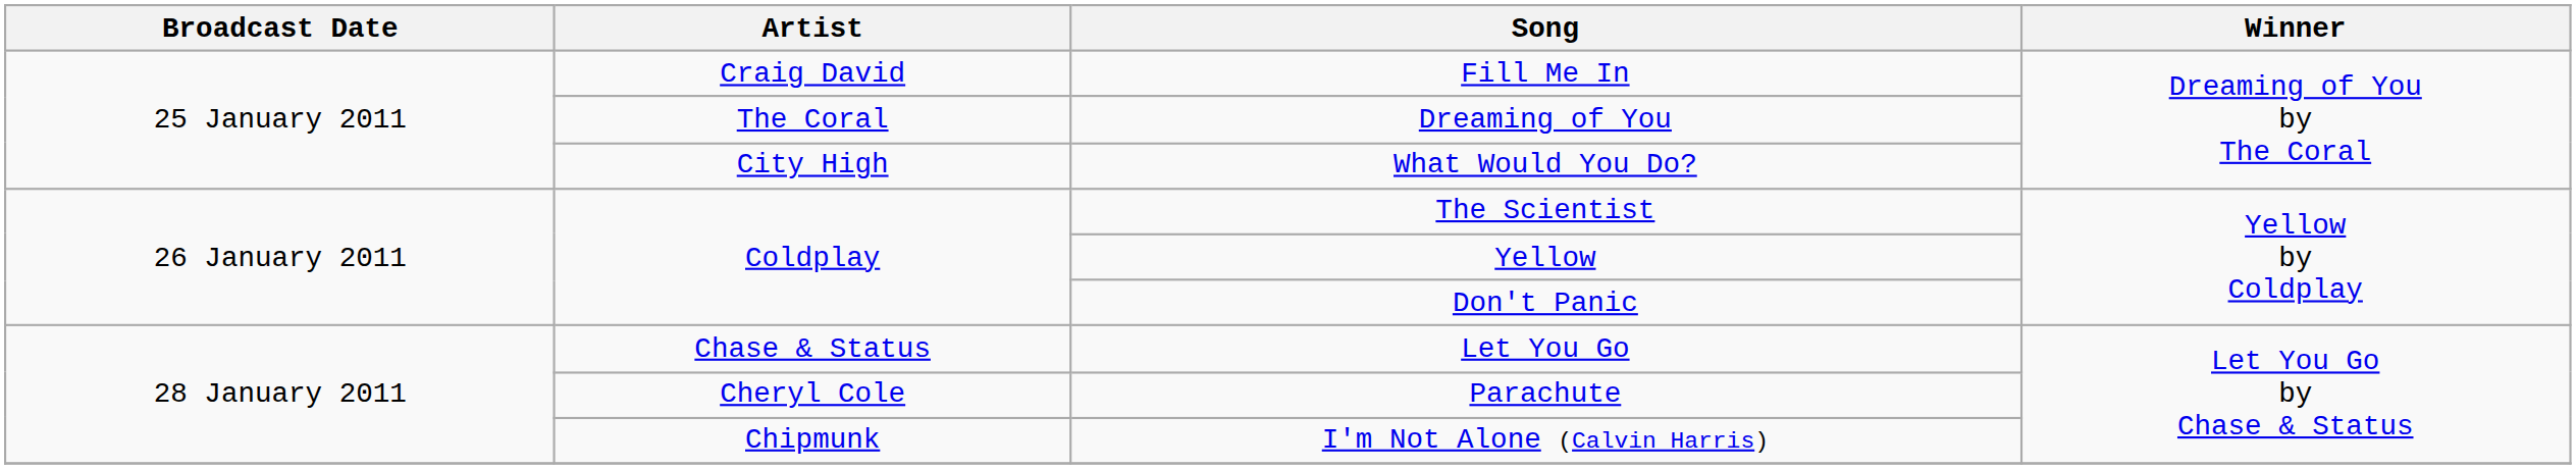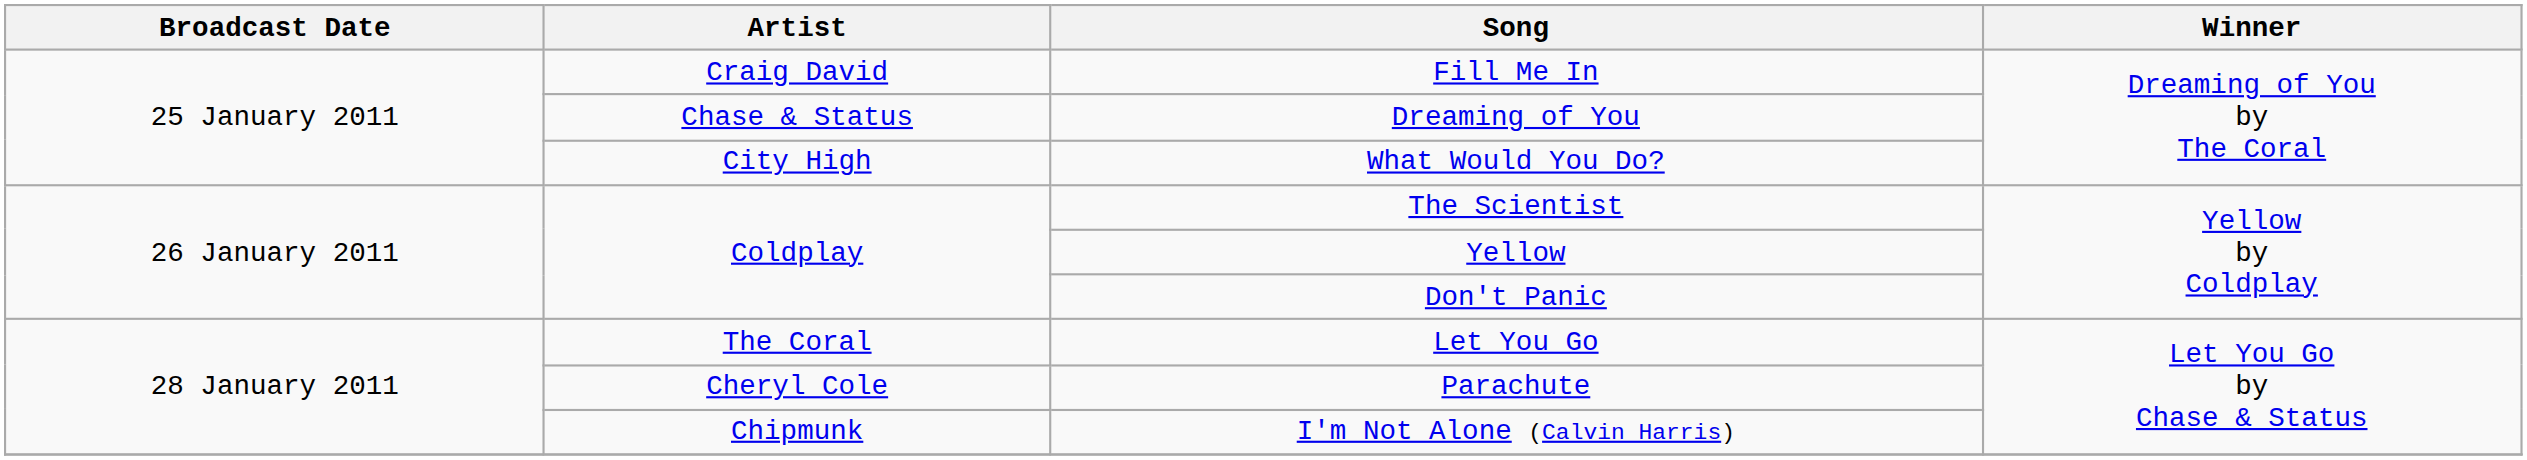 <table class="wikitable" style="text-align:center" width=75%>
 <tr>
 <th>Broadcast Date</th>
 <th>Artist</th>
 <th>Song</th>
 <th>Winner</th>
 </tr>
 <tr>
 <td Rowspan='3'>25 January 2011</td>
 <td><a href='#'>Craig David</a></td>
 <td><a href='#'>Fill Me In</a></td>
 <td Rowspan='3'><a href='#'>Dreaming of You</a><br>by<br><a href='#'>The Coral</a></td>
 </tr>
 <tr>
-<td><a href='#'>The Coral</a></td>
+<td><a href='#'>Chase & Status</a></td>
 <td><a href='#'>Dreaming of You</a></td>
 </tr>
 <tr>
 <td><a href='#'>City High</a></td>
 <td><a href='#'>What Would You Do?</a></td>
 </tr>
 <tr>
 <td Rowspan='3'>26 January 2011</td>
 <td Rowspan='3'><a href='#'>Coldplay</a></td>
 <td><a href='#'>The Scientist</a></td>
 <td Rowspan='3'><a href='#'>Yellow</a><br>by<br><a href='#'>Coldplay</a></td>
 </tr>
 <tr>
 <td><a href='#'>Yellow</a></td>
 </tr>
 <tr>
 <td><a href='#'>Don't Panic</a></td>
 </tr>
 <tr>
 <td Rowspan='3'>28 January 2011</td>
-<td><a href='#'>Chase & Status</a></td>
+<td><a href='#'>The Coral</a></td>
 <td><a href='#'>Let You Go</a></td>
 <td Rowspan='3'><a href='#'>Let You Go</a><br>by<br><a href='#'>Chase & Status</a></td>
 </tr>
 <tr>
 <td><a href='#'>Cheryl Cole</a></td>
 <td><a href='#'>Parachute</a></td>
 </tr>
 <tr>
 <td><a href='#'>Chipmunk</a></td>
 <td><a href='#'>I'm Not Alone</a> <small>(<a href='#'>Calvin Harris</a>)</small></td>
 </tr>
 <tr>
 </tr>
 </table>
